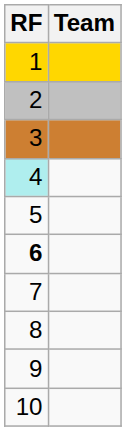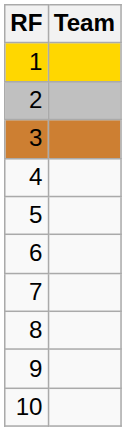 <table class="wikitable">
 <tr>
 <th>RF</th>
 <th>Team</th>
 </tr>
 <tr bgcolor="#FFD700" align="right">
 <td>1</td>
 <td align="left"></td>
 </tr>
 <tr bgcolor="#C0C0C0" align="right">
 <td>2</td>
 <td align="left"></td>
 </tr>
 <tr bgcolor="#CD7F32" align="right">
 <td>3</td>
 <td align="left"></td>
 </tr>
 <tr align="right">
-<td style="background: paleturquoise;">4</td>
+<td>4</td>
 <td align="left"></td>
 </tr>
 <tr align="right">
 <td>5</td>
 <td align="left"></td>
 </tr>
 <tr align="right">
-<td><strong>6</strong></td>
+<td>6</td>
 <td align="left"></td>
 </tr>
 <tr align="right">
 <td>7</td>
 <td align="left"></td>
 </tr>
 <tr align="right">
 <td>8</td>
 <td align="left"></td>
 </tr>
 <tr align="right">
 <td>9</td>
 <td align="left"></td>
 </tr>
 <tr align="right">
 <td>10</td>
 <td align="left"></td>
 </tr>
 </table>
